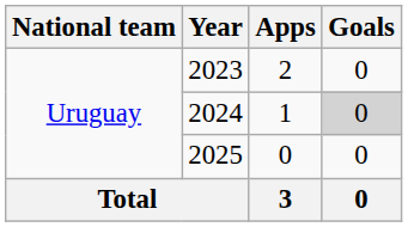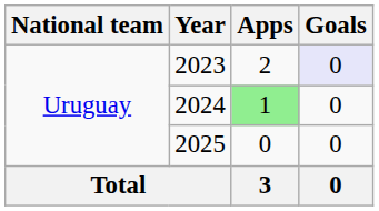 <table class="wikitable" style="text-align:center">
 <tr>
 <th>National team</th>
 <th>Year</th>
 <th>Apps</th>
 <th>Goals</th>
 </tr>
 <tr>
 <td rowspan=3><a href='#'>Uruguay</a></td>
 <td>2023</td>
 <td>2</td>
-<td>0</td>
+<td style="background: lavender;">0</td>
 </tr>
 <tr>
 <td>2024</td>
-<td>1</td>
-<td style="background: lightgrey;">0</td>
+<td style="background: lightgreen;">1</td>
+<td>0</td>
 </tr>
 <tr>
 <td>2025</td>
 <td>0</td>
 <td>0</td>
 </tr>
 <tr>
 <th colspan=2>Total</th>
 <th>3</th>
 <th>0</th>
 </tr>
 </table>
